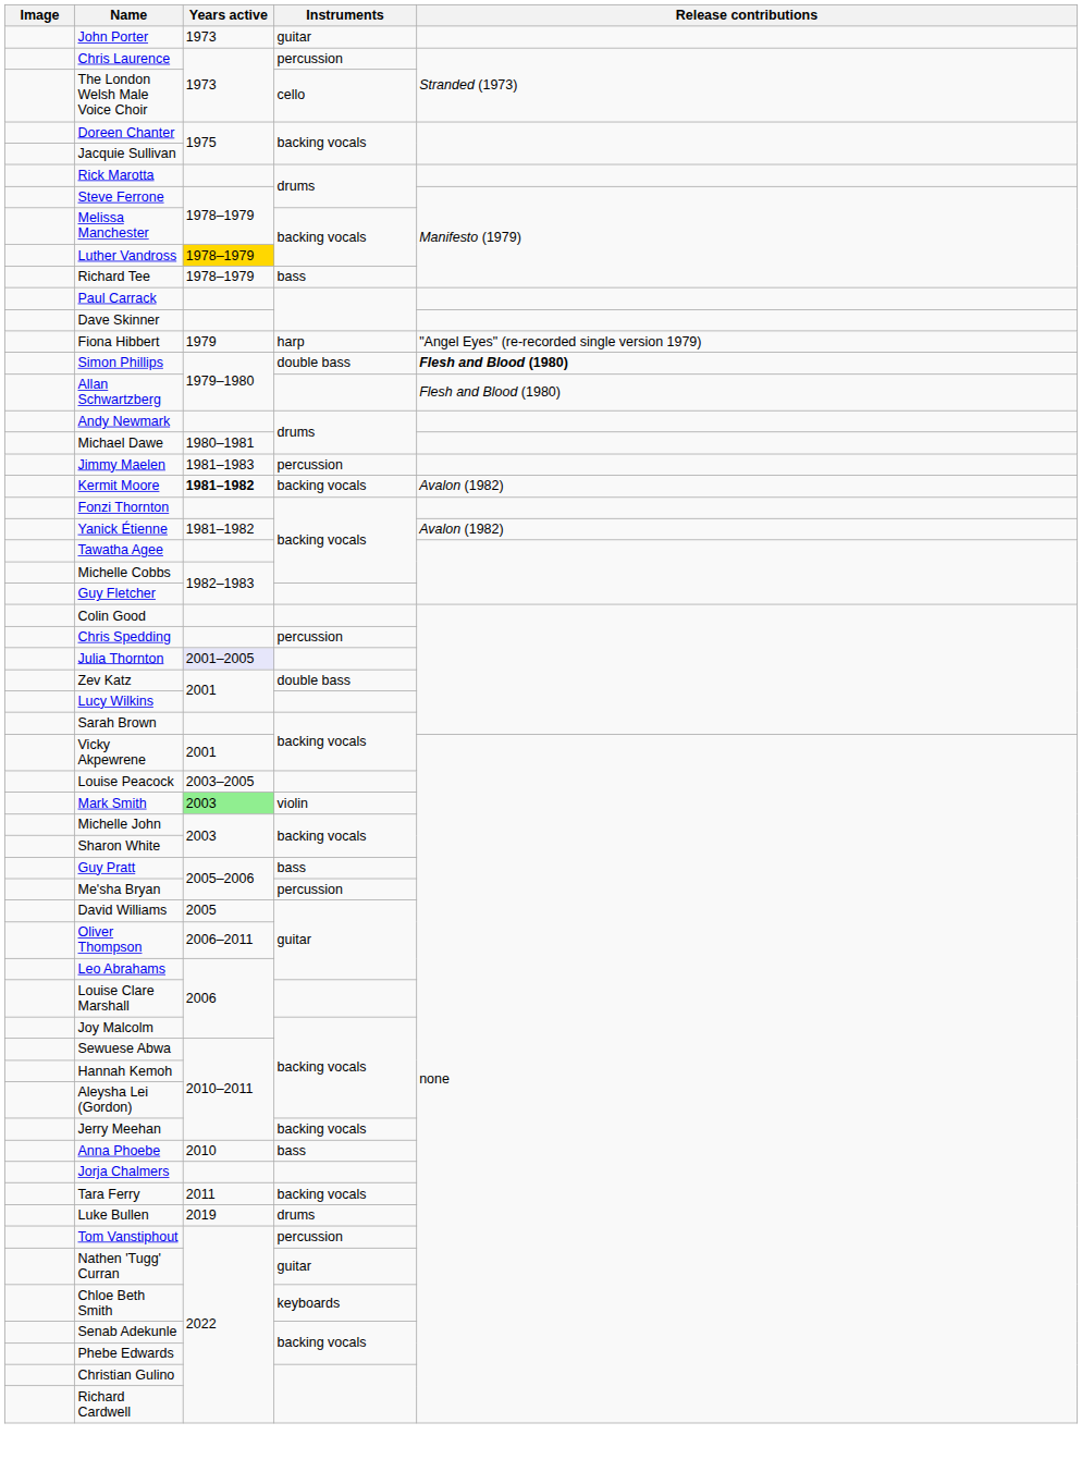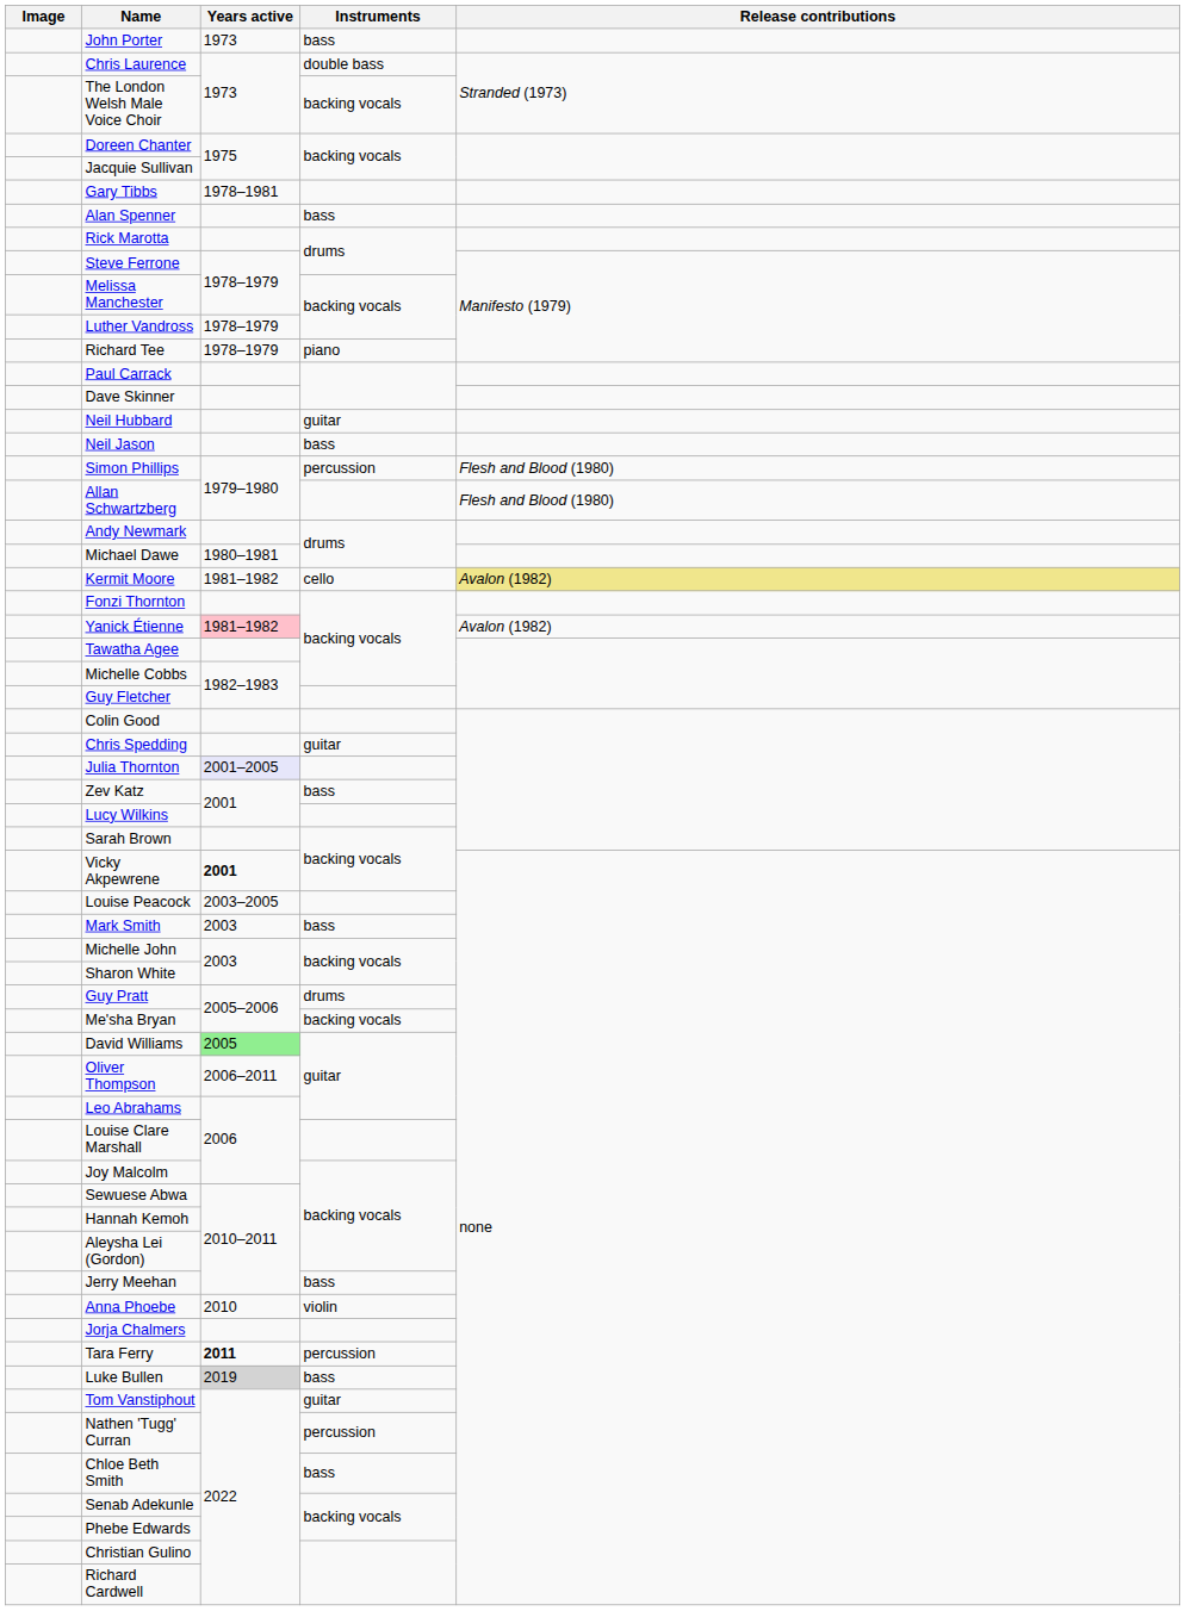 <table class="wikitable" width="100%">
 <tr>
 <th width="75">Image</th>
 <th width="120">Name</th>
 <th width="100">Years active</th>
 <th width="160">Instruments</th>
 <th>Release contributions</th>
 </tr>
 <tr>
 <td></td>
 <td><a href='#'>John Porter</a></td>
 <td>1973</td>
-<td>guitar</td>
+<td>bass</td>
 <td></td>
 </tr>
 <tr>
 <td></td>
 <td><a href='#'>Chris Laurence</a></td>
 <td rowspan="2">1973</td>
-<td>percussion</td>
+<td>double bass</td>
 <td rowspan="2"><em>Stranded</em> (1973) </td>
 </tr>
 <tr>
 <td></td>
 <td>The London Welsh Male Voice Choir</td>
-<td>cello</td>
+<td>backing vocals</td>
 </tr>
 <tr>
 <td></td>
 <td><a href='#'>Doreen Chanter</a></td>
 <td rowspan="2">1975</td>
 <td rowspan="2">backing vocals</td>
 <td rowspan="2"></td>
 </tr>
 <tr>
 <td></td>
 <td>Jacquie Sullivan</td>
+</tr>
+<tr>
+<td></td>
+<td><a href='#'>Gary Tibbs</a></td>
+<td>1978–1981</td>
+<td></td>
+<td></td>
+</tr>
+<tr>
+<td></td>
+<td><a href='#'>Alan Spenner</a></td>
+<td></td>
+<td>bass</td>
+<td></td>
 </tr>
 <tr>
 <td></td>
 <td><a href='#'>Rick Marotta</a></td>
 <td></td>
 <td rowspan="2">drums</td>
 <td></td>
 </tr>
 <tr>
 <td></td>
 <td><a href='#'>Steve Ferrone</a></td>
 <td rowspan="2">1978–1979</td>
 <td rowspan="4"><em>Manifesto</em> (1979) </td>
 </tr>
 <tr>
 <td></td>
 <td><a href='#'>Melissa Manchester</a></td>
 <td rowspan="2">backing vocals</td>
 </tr>
 <tr>
 <td></td>
 <td><a href='#'>Luther Vandross</a></td>
-<td style="background: gold;">1978–1979 </td>
+<td>1978–1979 </td>
 </tr>
 <tr>
 <td></td>
 <td>Richard Tee</td>
 <td>1978–1979 </td>
-<td>bass</td>
+<td>piano</td>
 </tr>
 <tr>
 <td></td>
 <td><a href='#'>Paul Carrack</a></td>
 <td></td>
 <td rowspan="2"></td>
 <td></td>
 </tr>
 <tr>
 <td></td>
 <td>Dave Skinner</td>
 <td></td>
 <td></td>
 </tr>
 <tr>
 <td></td>
-<td>Fiona Hibbert</td>
-<td>1979</td>
-<td>harp</td>
-<td>"Angel Eyes" (re-recorded single version 1979)</td>
+<td><a href='#'>Neil Hubbard</a></td>
+<td></td>
+<td>guitar</td>
+<td></td>
+</tr>
+<tr>
+<td></td>
+<td><a href='#'>Neil Jason</a></td>
+<td></td>
+<td>bass</td>
+<td></td>
 </tr>
 <tr>
 <td></td>
 <td><a href='#'>Simon Phillips</a></td>
 <td rowspan="2">1979–1980</td>
-<td>double bass</td>
-<td><strong><em>Flesh and Blood</em> (1980) </strong></td>
+<td>percussion</td>
+<td><em>Flesh and Blood</em> (1980) </td>
 </tr>
 <tr>
 <td></td>
 <td><a href='#'>Allan Schwartzberg</a></td>
 <td></td>
 <td><em>Flesh and Blood</em> (1980)</td>
 </tr>
 <tr>
 <td></td>
 <td><a href='#'>Andy Newmark</a></td>
 <td></td>
 <td rowspan="2">drums</td>
 <td></td>
 </tr>
 <tr>
 <td></td>
 <td>Michael Dawe</td>
 <td>1980–1981</td>
 <td></td>
 </tr>
 <tr>
 <td></td>
-<td><a href='#'>Jimmy Maelen</a></td>
-<td>1981–1983 </td>
-<td>percussion</td>
-<td></td>
-</tr>
-<tr>
-<td></td>
 <td><a href='#'>Kermit Moore</a></td>
-<td><strong>1981–1982 </strong></td>
-<td>backing vocals</td>
-<td><em>Avalon</em> (1982) </td>
+<td>1981–1982 </td>
+<td>cello</td>
+<td style="background: khaki;"><em>Avalon</em> (1982) </td>
 </tr>
 <tr>
 <td></td>
 <td><a href='#'>Fonzi Thornton</a></td>
 <td></td>
 <td rowspan="4">backing vocals</td>
 <td></td>
 </tr>
 <tr>
 <td></td>
 <td><a href='#'>Yanick Étienne</a></td>
-<td>1981–1982 </td>
+<td style="background: pink;">1981–1982 </td>
 <td><em>Avalon</em> (1982) </td>
 </tr>
 <tr>
 <td></td>
 <td><a href='#'>Tawatha Agee</a></td>
 <td></td>
 <td rowspan="3"></td>
 </tr>
 <tr>
 <td></td>
 <td>Michelle Cobbs</td>
 <td rowspan="2">1982–1983</td>
 </tr>
 <tr>
 <td></td>
 <td><a href='#'>Guy Fletcher</a></td>
 <td></td>
 </tr>
 <tr>
 <td></td>
 <td>Colin Good</td>
 <td></td>
 <td></td>
 <td rowspan="6"></td>
 </tr>
 <tr>
 <td></td>
 <td><a href='#'>Chris Spedding</a></td>
 <td></td>
-<td>percussion</td>
+<td>guitar</td>
 </tr>
 <tr>
 <td></td>
 <td><a href='#'>Julia Thornton</a></td>
 <td style="background: lavender;">2001–2005</td>
 <td></td>
 </tr>
 <tr>
 <td></td>
 <td>Zev Katz</td>
 <td rowspan="2">2001</td>
-<td>double bass</td>
+<td>bass</td>
 </tr>
 <tr>
 <td></td>
 <td><a href='#'>Lucy Wilkins</a></td>
 <td></td>
 </tr>
 <tr>
 <td></td>
 <td>Sarah Brown</td>
 <td></td>
 <td rowspan="2">backing vocals</td>
 </tr>
 <tr>
 <td></td>
 <td>Vicky Akpewrene</td>
-<td>2001 </td>
+<td><strong>2001 </strong></td>
 <td rowspan="27">none</td>
 </tr>
 <tr>
 <td></td>
 <td>Louise Peacock</td>
 <td>2003–2005</td>
 <td></td>
 </tr>
 <tr>
 <td></td>
 <td><a href='#'>Mark Smith</a></td>
-<td style="background: lightgreen;">2003 </td>
-<td>violin</td>
+<td>2003 </td>
+<td>bass</td>
 </tr>
 <tr>
 <td></td>
 <td>Michelle John</td>
 <td rowspan="2">2003</td>
 <td rowspan="2">backing vocals</td>
 </tr>
 <tr>
 <td></td>
 <td>Sharon White</td>
 </tr>
 <tr>
 <td></td>
 <td><a href='#'>Guy Pratt</a></td>
 <td rowspan="2">2005–2006</td>
-<td>bass</td>
+<td>drums</td>
 </tr>
 <tr>
 <td></td>
 <td>Me'sha Bryan</td>
-<td>percussion</td>
+<td>backing vocals</td>
 </tr>
 <tr>
 <td></td>
 <td>David Williams</td>
-<td>2005</td>
+<td style="background: lightgreen;">2005</td>
 <td rowspan="3">guitar</td>
 </tr>
 <tr>
 <td></td>
 <td><a href='#'>Oliver Thompson</a></td>
 <td>2006–2011</td>
 </tr>
 <tr>
 <td></td>
 <td><a href='#'>Leo Abrahams</a></td>
 <td rowspan="3">2006</td>
 </tr>
 <tr>
 <td></td>
 <td>Louise Clare Marshall</td>
 <td></td>
 </tr>
 <tr>
 <td></td>
 <td>Joy Malcolm</td>
 <td rowspan="4">backing vocals</td>
 </tr>
 <tr>
 <td></td>
 <td>Sewuese Abwa</td>
 <td rowspan="4">2010–2011</td>
 </tr>
 <tr>
 <td></td>
 <td>Hannah Kemoh</td>
 </tr>
 <tr>
 <td></td>
 <td>Aleysha Lei (Gordon)</td>
 </tr>
 <tr>
 <td></td>
 <td>Jerry Meehan</td>
-<td>backing vocals</td>
+<td>bass</td>
 </tr>
 <tr>
 <td></td>
 <td><a href='#'>Anna Phoebe</a></td>
 <td>2010</td>
-<td>bass</td>
+<td>violin</td>
 </tr>
 <tr>
 <td></td>
 <td><a href='#'>Jorja Chalmers</a></td>
 <td></td>
 <td></td>
 </tr>
 <tr>
 <td></td>
 <td>Tara Ferry</td>
-<td>2011</td>
-<td>backing vocals</td>
+<td><strong>2011</strong></td>
+<td>percussion</td>
 </tr>
 <tr>
 <td></td>
 <td>Luke Bullen</td>
-<td>2019</td>
-<td>drums</td>
+<td style="background: lightgrey;">2019</td>
+<td>bass</td>
 </tr>
 <tr>
 <td></td>
 <td><a href='#'>Tom Vanstiphout</a></td>
 <td rowspan="7">2022</td>
+<td>guitar</td>
+</tr>
+<tr>
+<td></td>
+<td>Nathen 'Tugg' Curran</td>
 <td>percussion</td>
 </tr>
 <tr>
 <td></td>
-<td>Nathen 'Tugg' Curran</td>
-<td>guitar</td>
-</tr>
-<tr>
-<td></td>
 <td>Chloe Beth Smith</td>
-<td>keyboards</td>
+<td>bass</td>
 </tr>
 <tr>
 <td></td>
 <td>Senab Adekunle</td>
 <td rowspan="2">backing vocals</td>
 </tr>
 <tr>
 <td></td>
 <td>Phebe Edwards</td>
 </tr>
 <tr>
 <td></td>
 <td>Christian Gulino</td>
 <td rowspan="2"></td>
 </tr>
 <tr>
 <td></td>
 <td>Richard Cardwell</td>
 </tr>
 </table>
